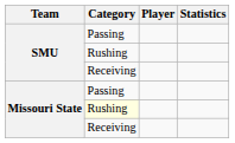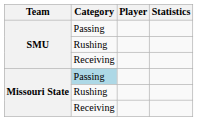 <table class="wikitable" style="float:right">
 <tr>
 <th>Team</th>
 <th>Category</th>
 <th>Player</th>
 <th>Statistics</th>
 </tr>
 <tr>
 <th rowspan=3>SMU</th>
 <td>Passing</td>
 <td></td>
 <td></td>
 </tr>
 <tr>
 <td>Rushing</td>
 <td></td>
 <td></td>
 </tr>
 <tr>
 <td>Receiving</td>
 <td></td>
 <td></td>
 </tr>
 <tr>
 <th rowspan=3>Missouri State</th>
-<td>Passing</td>
+<td style="background: lightblue;">Passing</td>
 <td></td>
 <td></td>
 </tr>
 <tr>
-<td style="background: lightyellow;">Rushing</td>
+<td>Rushing</td>
 <td></td>
 <td></td>
 </tr>
 <tr>
 <td>Receiving</td>
 <td></td>
 <td></td>
 </tr>
 </table>
